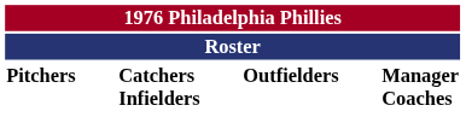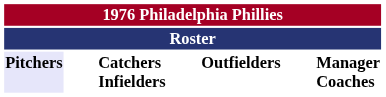 <table class="toccolours" style="font-size: 95%;">
 <tr>
 <th colspan="10" style="background-color: #A50024; color: white; text-align: center;">1976 Philadelphia Phillies</th>
 </tr>
 <tr>
 <td colspan="10" style="background-color: #263473; color: white; text-align: center;"><strong>Roster</strong></td>
 </tr>
 <tr>
-<td valign="top"><strong>Pitchers</strong><br>          </td>
+<td valign="top" style="background: lavender;"><strong>Pitchers</strong><br>          </td>
 <td width="25px"></td>
 <td valign="top"><strong>Catchers</strong><br>     <strong>Infielders</strong>          </td>
 <td width="25px"></td>
 <td valign="top"><strong>Outfielders</strong><br>     </td>
 <td width="25px"></td>
 <td valign="top"><strong>Manager</strong><br> <strong>Coaches</strong>    </td>
 </tr>
 </table>
